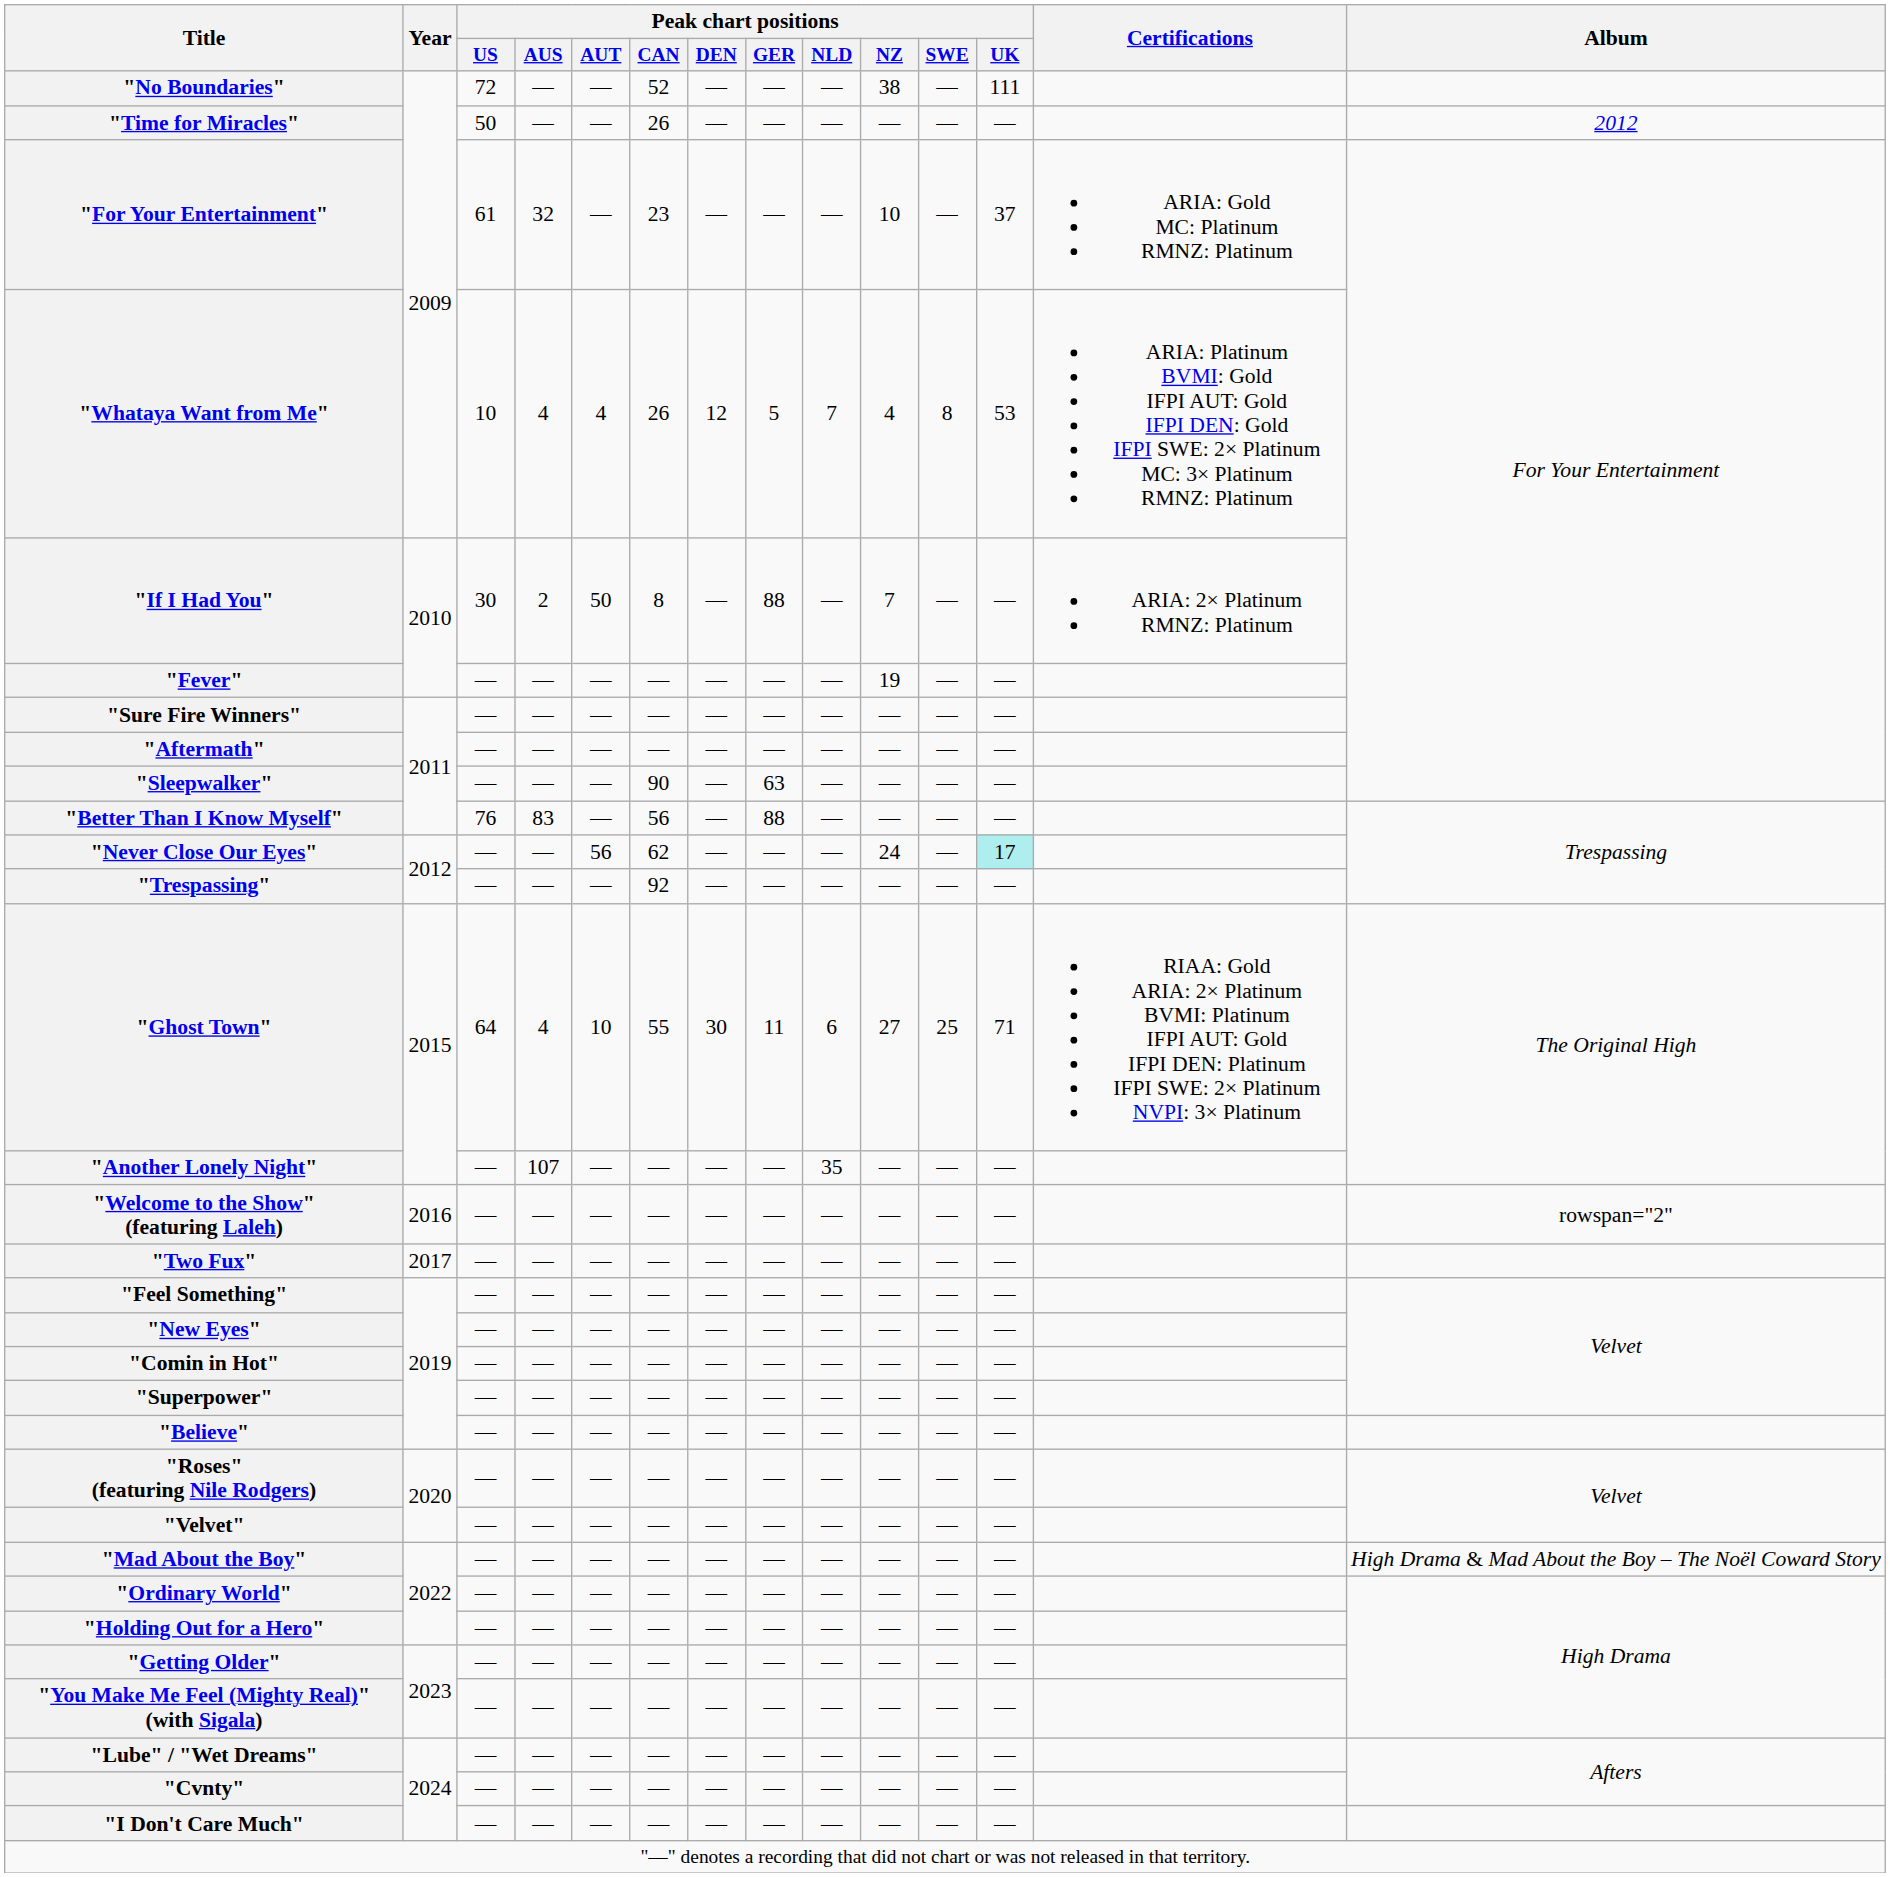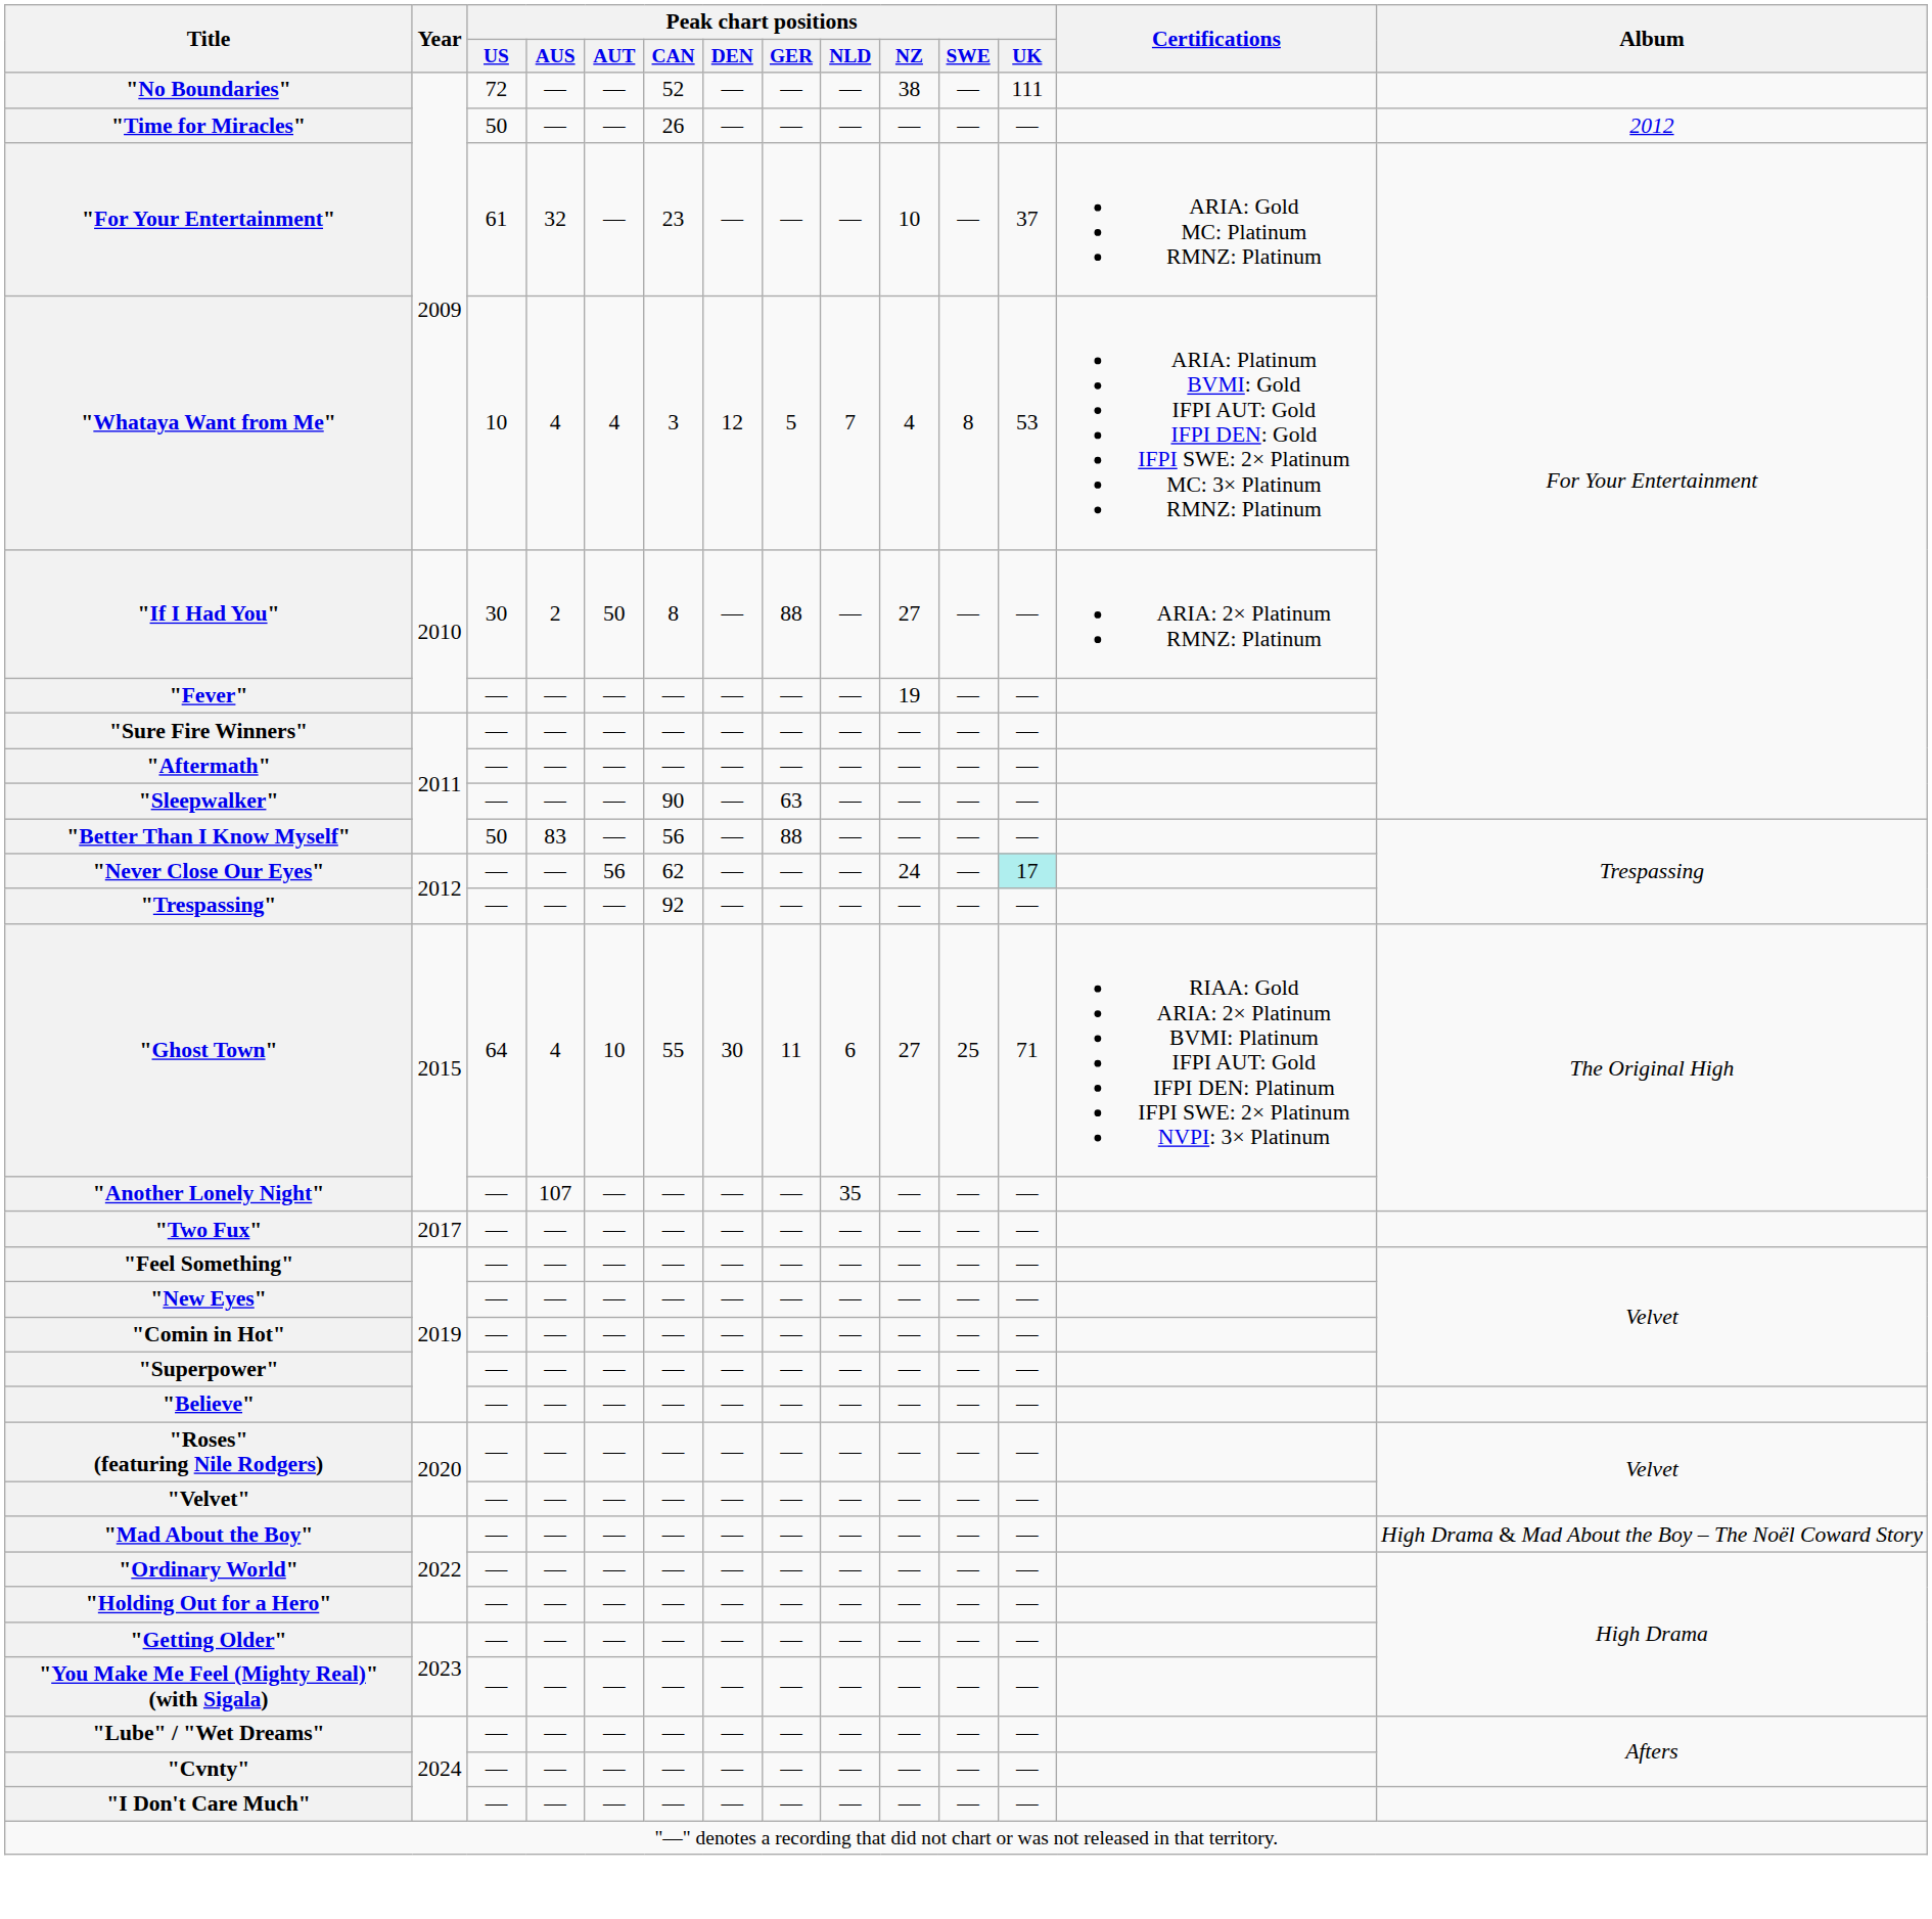 <table class="wikitable plainrowheaders" style="text-align:center;">
 <tr>
 <th scope="colw" rowspan="2" style="width:18em;">Title</th>
 <th scope="col" rowspan="2">Year</th>
 <th scope="col" colspan="10">Peak chart positions</th>
 <th scope="col" rowspan="2" style="width:14em;"><a href='#'>Certifications</a></th>
 <th scope="col" rowspan="2">Album</th>
 </tr>
 <tr>
 <th scope="col" style="width:2.5em;font-size:90%;"><a href='#'>US</a><br></th>
 <th scope="col" style="width:2.5em;font-size:90%;"><a href='#'>AUS</a><br></th>
 <th scope="col" style="width:2.5em;font-size:90%;"><a href='#'>AUT</a><br></th>
 <th scope="col" style="width:2.5em;font-size:90%;"><a href='#'>CAN</a><br></th>
 <th scope="col" style="width:2.5em;font-size:90%;"><a href='#'>DEN</a><br></th>
 <th scope="col" style="width:2.5em;font-size:90%;"><a href='#'>GER</a><br></th>
 <th scope="col" style="width:2.5em;font-size:90%;"><a href='#'>NLD</a><br></th>
 <th scope="col" style="width:2.5em;font-size:90%;"><a href='#'>NZ</a><br></th>
 <th scope="col" style="width:2.5em;font-size:90%;"><a href='#'>SWE</a><br></th>
 <th scope="col" style="width:2.5em;font-size:90%;"><a href='#'>UK</a><br></th>
 </tr>
 <tr>
 <th scope="row">"<a href='#'>No Boundaries</a>"</th>
 <td rowspan="4">2009</td>
 <td>72</td>
 <td>—</td>
 <td>—</td>
 <td>52</td>
 <td>—</td>
 <td>—</td>
 <td>—</td>
 <td>38</td>
 <td>—</td>
 <td>111</td>
 <td></td>
 <td></td>
 </tr>
 <tr>
 <th scope="row">"<a href='#'>Time for Miracles</a>"</th>
 <td>50</td>
 <td>—</td>
 <td>—</td>
 <td>26</td>
 <td>—</td>
 <td>—</td>
 <td>—</td>
 <td>—</td>
 <td>—</td>
 <td>—</td>
 <td></td>
 <td><em><a href='#'>2012</a></em></td>
 </tr>
 <tr>
 <th scope="row">"<a href='#'>For Your Entertainment</a>"</th>
 <td>61</td>
 <td>32</td>
 <td>—</td>
 <td>23</td>
 <td>—</td>
 <td>—</td>
 <td>—</td>
 <td>10</td>
 <td>—</td>
 <td>37</td>
 <td><br><ul><li>ARIA: Gold</li><li>MC: Platinum</li><li>RMNZ: Platinum</li></ul></td>
 <td rowspan="7"><em>For Your Entertainment</em></td>
 </tr>
 <tr>
 <th scope="row">"<a href='#'>Whataya Want from Me</a>"</th>
 <td>10</td>
 <td>4</td>
 <td>4</td>
-<td>26</td>
+<td>3</td>
 <td>12</td>
 <td>5</td>
 <td>7</td>
 <td>4</td>
 <td>8</td>
 <td>53</td>
 <td><br><ul><li>ARIA: Platinum</li><li><a href='#'>BVMI</a>: Gold</li><li>IFPI AUT: Gold</li><li><a href='#'>IFPI DEN</a>: Gold</li><li><a href='#'>IFPI</a> SWE: 2× Platinum</li><li>MC: 3× Platinum</li><li>RMNZ: Platinum</li></ul></td>
 </tr>
 <tr>
 <th scope="row">"<a href='#'>If I Had You</a>"</th>
 <td rowspan="2">2010</td>
 <td>30</td>
 <td>2</td>
 <td>50</td>
 <td>8</td>
 <td>—</td>
 <td>88</td>
 <td>—</td>
-<td>7</td>
+<td>27</td>
 <td>—</td>
 <td>—</td>
 <td><br><ul><li>ARIA: 2× Platinum</li><li>RMNZ: Platinum</li></ul></td>
 </tr>
 <tr>
 <th scope="row">"<a href='#'>Fever</a>"</th>
 <td>—</td>
 <td>—</td>
 <td>—</td>
 <td>—</td>
 <td>—</td>
 <td>—</td>
 <td>—</td>
 <td>19</td>
 <td>—</td>
 <td>—</td>
 <td></td>
 </tr>
 <tr>
 <th scope="row">"Sure Fire Winners"</th>
 <td rowspan="4">2011</td>
 <td>—</td>
 <td>—</td>
 <td>—</td>
 <td>—</td>
 <td>—</td>
 <td>—</td>
 <td>—</td>
 <td>—</td>
 <td>—</td>
 <td>—</td>
 <td></td>
 </tr>
 <tr>
 <th scope="row">"<a href='#'>Aftermath</a>"</th>
 <td>—</td>
 <td>—</td>
 <td>—</td>
 <td>—</td>
 <td>—</td>
 <td>—</td>
 <td>—</td>
 <td>—</td>
 <td>—</td>
 <td>—</td>
 <td></td>
 </tr>
 <tr>
 <th scope="row">"<a href='#'>Sleepwalker</a>"</th>
 <td>—</td>
 <td>—</td>
 <td>—</td>
 <td>90</td>
 <td>—</td>
 <td>63</td>
 <td>—</td>
 <td>—</td>
 <td>—</td>
 <td>—</td>
 <td></td>
 </tr>
 <tr>
 <th scope="row">"<a href='#'>Better Than I Know Myself</a>"</th>
-<td>76</td>
+<td>50</td>
 <td>83</td>
 <td>—</td>
 <td>56</td>
 <td>—</td>
 <td>88</td>
 <td>—</td>
 <td>—</td>
 <td>—</td>
 <td>—</td>
 <td></td>
 <td rowspan="3"><em>Trespassing</em></td>
 </tr>
 <tr>
 <th scope="row">"<a href='#'>Never Close Our Eyes</a>"</th>
 <td rowspan="2">2012</td>
 <td>—</td>
 <td>—</td>
 <td>56</td>
 <td>62</td>
 <td>—</td>
 <td>—</td>
 <td>—</td>
 <td>24</td>
 <td>—</td>
 <td style="background: paleturquoise;">17</td>
 <td></td>
 </tr>
 <tr>
 <th scope="row">"<a href='#'>Trespassing</a>"</th>
 <td>—</td>
 <td>—</td>
 <td>—</td>
 <td>92</td>
 <td>—</td>
 <td>—</td>
 <td>—</td>
 <td>—</td>
 <td>—</td>
 <td>—</td>
 <td></td>
 </tr>
 <tr>
 <th scope="row">"<a href='#'>Ghost Town</a>"</th>
 <td rowspan=2>2015</td>
 <td>64</td>
 <td>4</td>
 <td>10</td>
 <td>55</td>
 <td>30</td>
 <td>11</td>
 <td>6</td>
 <td>27</td>
 <td>25</td>
 <td>71</td>
 <td><br><ul><li>RIAA: Gold</li><li>ARIA: 2× Platinum</li><li>BVMI: Platinum</li><li>IFPI AUT: Gold</li><li>IFPI DEN: Platinum</li><li>IFPI SWE: 2× Platinum</li><li><a href='#'>NVPI</a>: 3× Platinum</li></ul></td>
 <td rowspan=2><em>The Original High</em></td>
 </tr>
 <tr>
 <th scope="row">"<a href='#'>Another Lonely Night</a>"</th>
 <td>—</td>
 <td>107</td>
 <td>—</td>
 <td>—</td>
 <td>—</td>
 <td>—</td>
 <td>35</td>
 <td>—</td>
 <td>—</td>
 <td>—</td>
 <td></td>
-</tr>
-<tr>
-<th scope="row">"<a href='#'>Welcome to the Show</a>"<br><span>(featuring <a href='#'>Laleh</a>)</span></th>
-<td>2016</td>
-<td>—</td>
-<td>—</td>
-<td>—</td>
-<td>—</td>
-<td>—</td>
-<td>—</td>
-<td>—</td>
-<td>—</td>
-<td>—</td>
-<td>—</td>
-<td></td>
-<td>rowspan="2" </td>
 </tr>
 <tr>
 <th scope="row">"<a href='#'>Two Fux</a>"</th>
 <td>2017</td>
 <td>—</td>
 <td>—</td>
 <td>—</td>
 <td>—</td>
 <td>—</td>
 <td>—</td>
 <td>—</td>
 <td>—</td>
 <td>—</td>
 <td>—</td>
 <td></td>
 </tr>
 <tr>
 <th scope="row">"Feel Something"</th>
 <td rowspan="5">2019</td>
 <td>—</td>
 <td>—</td>
 <td>—</td>
 <td>—</td>
 <td>—</td>
 <td>—</td>
 <td>—</td>
 <td>—</td>
 <td>—</td>
 <td>—</td>
 <td></td>
 <td rowspan="4"><em>Velvet</em></td>
 </tr>
 <tr>
 <th scope="row">"<a href='#'>New Eyes</a>"</th>
 <td>—</td>
 <td>—</td>
 <td>—</td>
 <td>—</td>
 <td>—</td>
 <td>—</td>
 <td>—</td>
 <td>—</td>
 <td>—</td>
 <td>—</td>
 <td></td>
 </tr>
 <tr>
 <th scope="row">"Comin in Hot"</th>
 <td>—</td>
 <td>—</td>
 <td>—</td>
 <td>—</td>
 <td>—</td>
 <td>—</td>
 <td>—</td>
 <td>—</td>
 <td>—</td>
 <td>—</td>
 <td></td>
 </tr>
 <tr>
 <th scope="row">"Superpower"</th>
 <td>—</td>
 <td>—</td>
 <td>—</td>
 <td>—</td>
 <td>—</td>
 <td>—</td>
 <td>—</td>
 <td>—</td>
 <td>—</td>
 <td>—</td>
 <td></td>
 </tr>
 <tr>
 <th scope="row">"<a href='#'>Believe</a>"</th>
 <td>—</td>
 <td>—</td>
 <td>—</td>
 <td>—</td>
 <td>—</td>
 <td>—</td>
 <td>—</td>
 <td>—</td>
 <td>—</td>
 <td>—</td>
 <td></td>
 <td></td>
 </tr>
 <tr>
 <th scope="row">"Roses" <br><span>(featuring <a href='#'>Nile Rodgers</a>)</span><br></th>
 <td rowspan="2">2020</td>
 <td>—</td>
 <td>—</td>
 <td>—</td>
 <td>—</td>
 <td>—</td>
 <td>—</td>
 <td>—</td>
 <td>—</td>
 <td>—</td>
 <td>—</td>
 <td></td>
 <td rowspan="2"><em>Velvet</em></td>
 </tr>
 <tr>
 <th scope="row">"Velvet"</th>
 <td>—</td>
 <td>—</td>
 <td>—</td>
 <td>—</td>
 <td>—</td>
 <td>—</td>
 <td>—</td>
 <td>—</td>
 <td>—</td>
 <td>—</td>
 <td></td>
 </tr>
 <tr>
 <th scope="row">"<a href='#'>Mad About the Boy</a>"<br></th>
 <td rowspan="3">2022</td>
 <td>—</td>
 <td>—</td>
 <td>—</td>
 <td>—</td>
 <td>—</td>
 <td>—</td>
 <td>—</td>
 <td>—</td>
 <td>—</td>
 <td>—</td>
 <td></td>
 <td><em>High Drama</em> & <em>Mad About the Boy – The Noël Coward Story</em></td>
 </tr>
 <tr>
 <th scope="row">"<a href='#'>Ordinary World</a>"</th>
 <td>—</td>
 <td>—</td>
 <td>—</td>
 <td>—</td>
 <td>—</td>
 <td>—</td>
 <td>—</td>
 <td>—</td>
 <td>—</td>
 <td>—</td>
 <td></td>
 <td rowspan="4"><em>High Drama</em></td>
 </tr>
 <tr>
 <th scope="row">"<a href='#'>Holding Out for a Hero</a>"</th>
 <td>—</td>
 <td>—</td>
 <td>—</td>
 <td>—</td>
 <td>—</td>
 <td>—</td>
 <td>—</td>
 <td>—</td>
 <td>—</td>
 <td>—</td>
 <td></td>
 </tr>
 <tr>
 <th scope="row">"<a href='#'>Getting Older</a>"</th>
 <td rowspan="2">2023</td>
 <td>—</td>
 <td>—</td>
 <td>—</td>
 <td>—</td>
 <td>—</td>
 <td>—</td>
 <td>—</td>
 <td>—</td>
 <td>—</td>
 <td>—</td>
 <td></td>
 </tr>
 <tr>
 <th scope="row">"<a href='#'>You Make Me Feel (Mighty Real)</a>"<br><span>(with <a href='#'>Sigala</a>)</span></th>
 <td>—</td>
 <td>—</td>
 <td>—</td>
 <td>—</td>
 <td>—</td>
 <td>—</td>
 <td>—</td>
 <td>—</td>
 <td>—</td>
 <td>—</td>
 <td></td>
 </tr>
 <tr>
 <th scope="row">"Lube" / "Wet Dreams"</th>
 <td rowspan="3">2024</td>
 <td>—</td>
 <td>—</td>
 <td>—</td>
 <td>—</td>
 <td>—</td>
 <td>—</td>
 <td>—</td>
 <td>—</td>
 <td>—</td>
 <td>—</td>
 <td></td>
 <td rowspan="2"><em>Afters</em></td>
 </tr>
 <tr>
 <th scope="row">"Cvnty"</th>
 <td>—</td>
 <td>—</td>
 <td>—</td>
 <td>—</td>
 <td>—</td>
 <td>—</td>
 <td>—</td>
 <td>—</td>
 <td>—</td>
 <td>—</td>
 <td></td>
 </tr>
 <tr>
 <th scope="row">"I Don't Care Much"</th>
 <td>—</td>
 <td>—</td>
 <td>—</td>
 <td>—</td>
 <td>—</td>
 <td>—</td>
 <td>—</td>
 <td>—</td>
 <td>—</td>
 <td>—</td>
 <td></td>
 <td></td>
 </tr>
 <tr>
 <td colspan="14" style="font-size:90%">"—" denotes a recording that did not chart or was not released in that territory.</td>
 </tr>
 </table>
